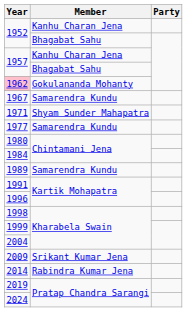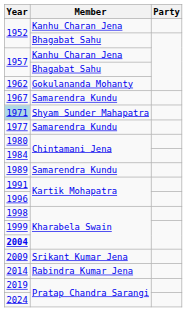 <table class="wikitable sortable">
 <tr>
 <th>Year</th>
 <th>Member</th>
 <th colspan="2">Party</th>
 </tr>
 <tr>
 <td rowspan="2"><a href='#'>1952</a></td>
 <td><a href='#'>Kanhu Charan Jena</a></td>
 <td></td>
 </tr>
 <tr>
 <td><a href='#'>Bhagabat Sahu</a></td>
 </tr>
 <tr>
 <td rowspan="2"><a href='#'>1957</a></td>
 <td><a href='#'>Kanhu Charan Jena</a></td>
 </tr>
 <tr>
 <td><a href='#'>Bhagabat Sahu</a></td>
 </tr>
 <tr>
-<td style="background: pink;"><a href='#'>1962</a></td>
+<td><a href='#'>1962</a></td>
 <td><a href='#'>Gokulananda Mohanty</a></td>
 </tr>
 <tr>
 <td><a href='#'>1967</a></td>
 <td><a href='#'>Samarendra Kundu</a></td>
 <td></td>
 </tr>
 <tr>
-<td><a href='#'>1971</a></td>
+<td style="background: lightblue;"><a href='#'>1971</a></td>
 <td><a href='#'>Shyam Sunder Mahapatra</a></td>
 <td></td>
 </tr>
 <tr>
 <td><a href='#'>1977</a></td>
 <td><a href='#'>Samarendra Kundu</a></td>
 <td></td>
 </tr>
 <tr>
 <td><a href='#'>1980</a></td>
 <td rowspan="2"><a href='#'>Chintamani Jena</a></td>
 <td></td>
 </tr>
 <tr>
 <td><a href='#'>1984</a></td>
 </tr>
 <tr>
 <td><a href='#'>1989</a></td>
 <td><a href='#'>Samarendra Kundu</a></td>
 <td></td>
 </tr>
 <tr>
 <td><a href='#'>1991</a></td>
 <td rowspan="2"><a href='#'>Kartik Mohapatra</a></td>
 <td></td>
 </tr>
 <tr>
 <td><a href='#'>1996</a></td>
 </tr>
 <tr>
 <td><a href='#'>1998</a></td>
 <td rowspan="3"><a href='#'>Kharabela Swain</a></td>
 <td></td>
 </tr>
 <tr>
 <td><a href='#'>1999</a></td>
 </tr>
 <tr>
-<td><a href='#'>2004</a></td>
+<td><strong><a href='#'>2004</a></strong></td>
 </tr>
 <tr>
 <td><a href='#'>2009</a></td>
 <td><a href='#'>Srikant Kumar Jena</a></td>
 <td></td>
 </tr>
 <tr>
 <td><a href='#'>2014</a></td>
 <td><a href='#'>Rabindra Kumar Jena</a></td>
 <td></td>
 </tr>
 <tr>
 <td><a href='#'>2019</a></td>
 <td rowspan=2><a href='#'>Pratap Chandra Sarangi</a></td>
 <td></td>
 </tr>
 <tr>
 <td><a href='#'>2024</a></td>
 </tr>
 </table>
